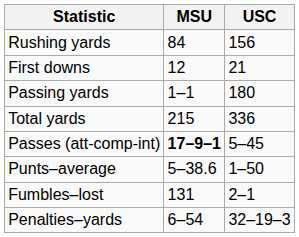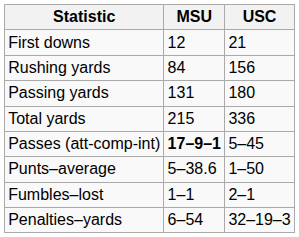 <table class="wikitable">
 <tr>
 <th>Statistic</th>
 <th><strong>MSU</strong></th>
 <th><strong>USC</strong></th>
 </tr>
 <tr>
+<td>First downs</td>
+<td>12</td>
+<td>21</td>
+</tr>
+<tr>
 <td>Rushing yards</td>
 <td>84</td>
 <td>156</td>
 </tr>
 <tr>
-<td>First downs</td>
-<td>12</td>
-<td>21</td>
-</tr>
-<tr>
 <td>Passing yards</td>
-<td>1–1</td>
+<td>131</td>
 <td>180</td>
 </tr>
 <tr>
 <td>Total yards</td>
 <td>215</td>
 <td>336</td>
 </tr>
 <tr>
 <td>Passes (att-comp-int)</td>
 <td><strong>17–9–1</strong></td>
 <td>5–45</td>
 </tr>
 <tr>
 <td>Punts–average</td>
 <td>5–38.6</td>
 <td>1–50</td>
 </tr>
 <tr>
 <td>Fumbles–lost</td>
-<td>131</td>
+<td>1–1</td>
 <td>2–1</td>
 </tr>
 <tr>
 <td>Penalties–yards</td>
 <td>6–54</td>
 <td>32–19–3</td>
 </tr>
 <tr>
 </tr>
 </table>
